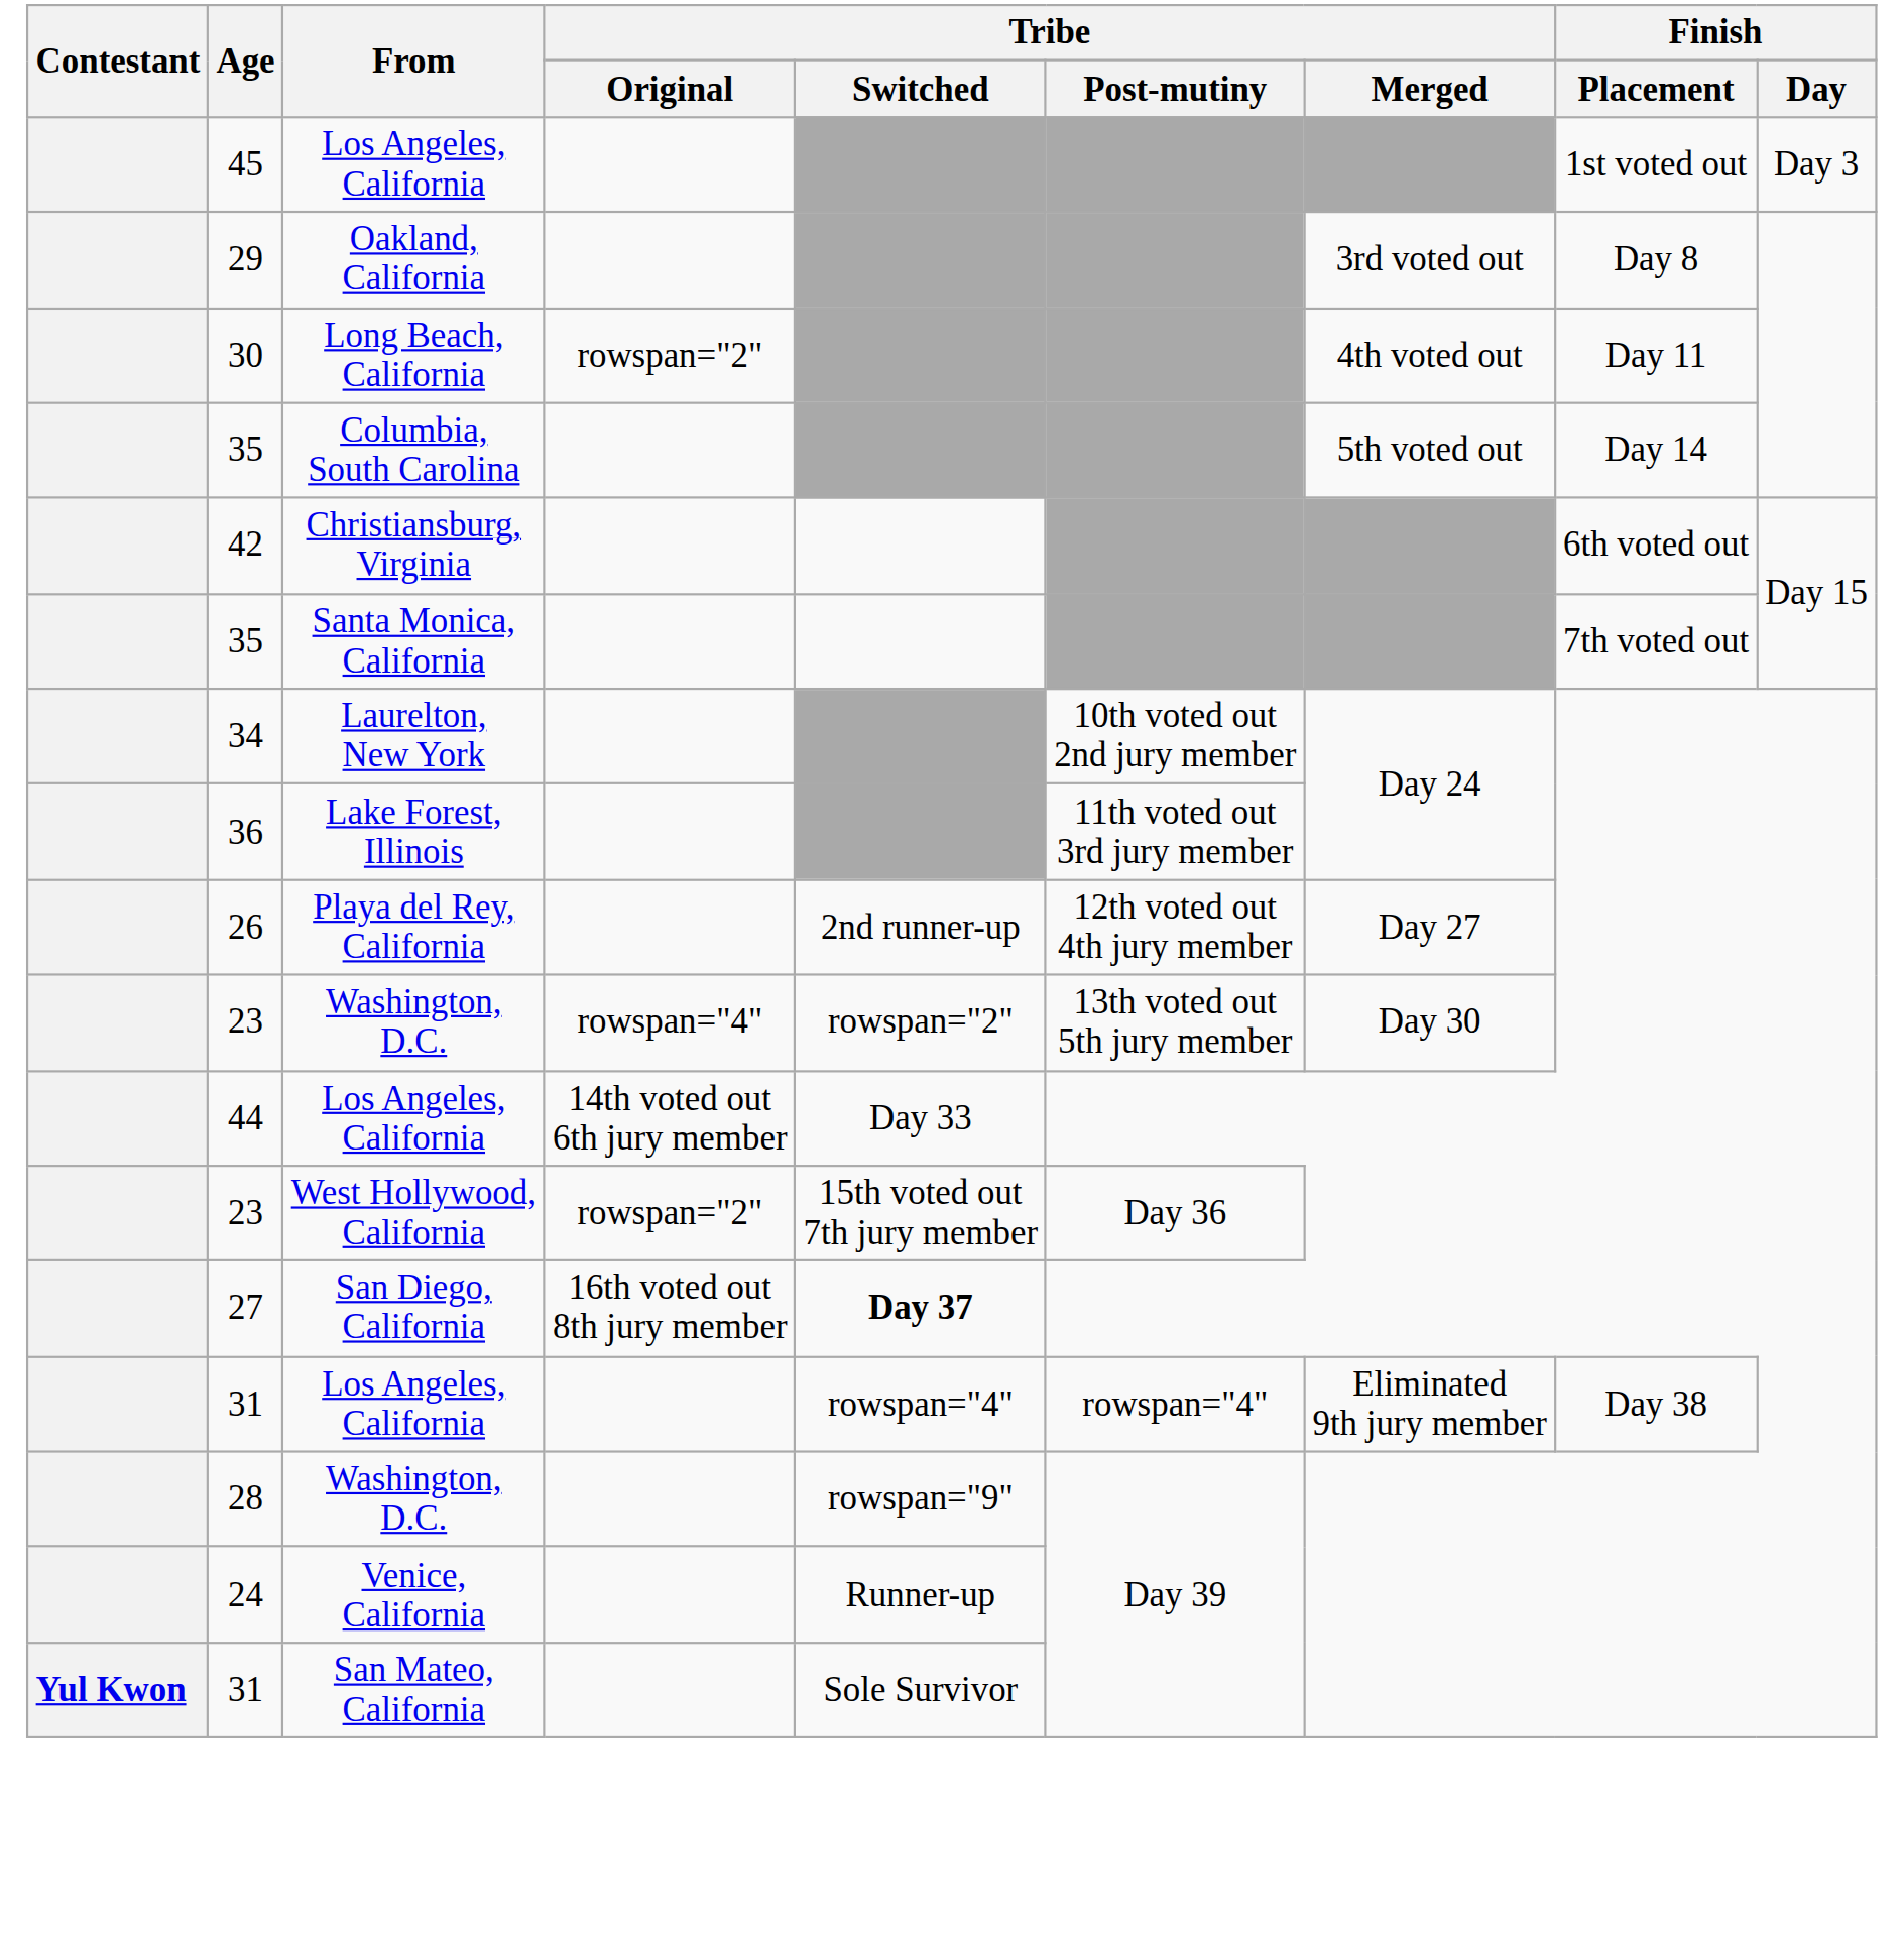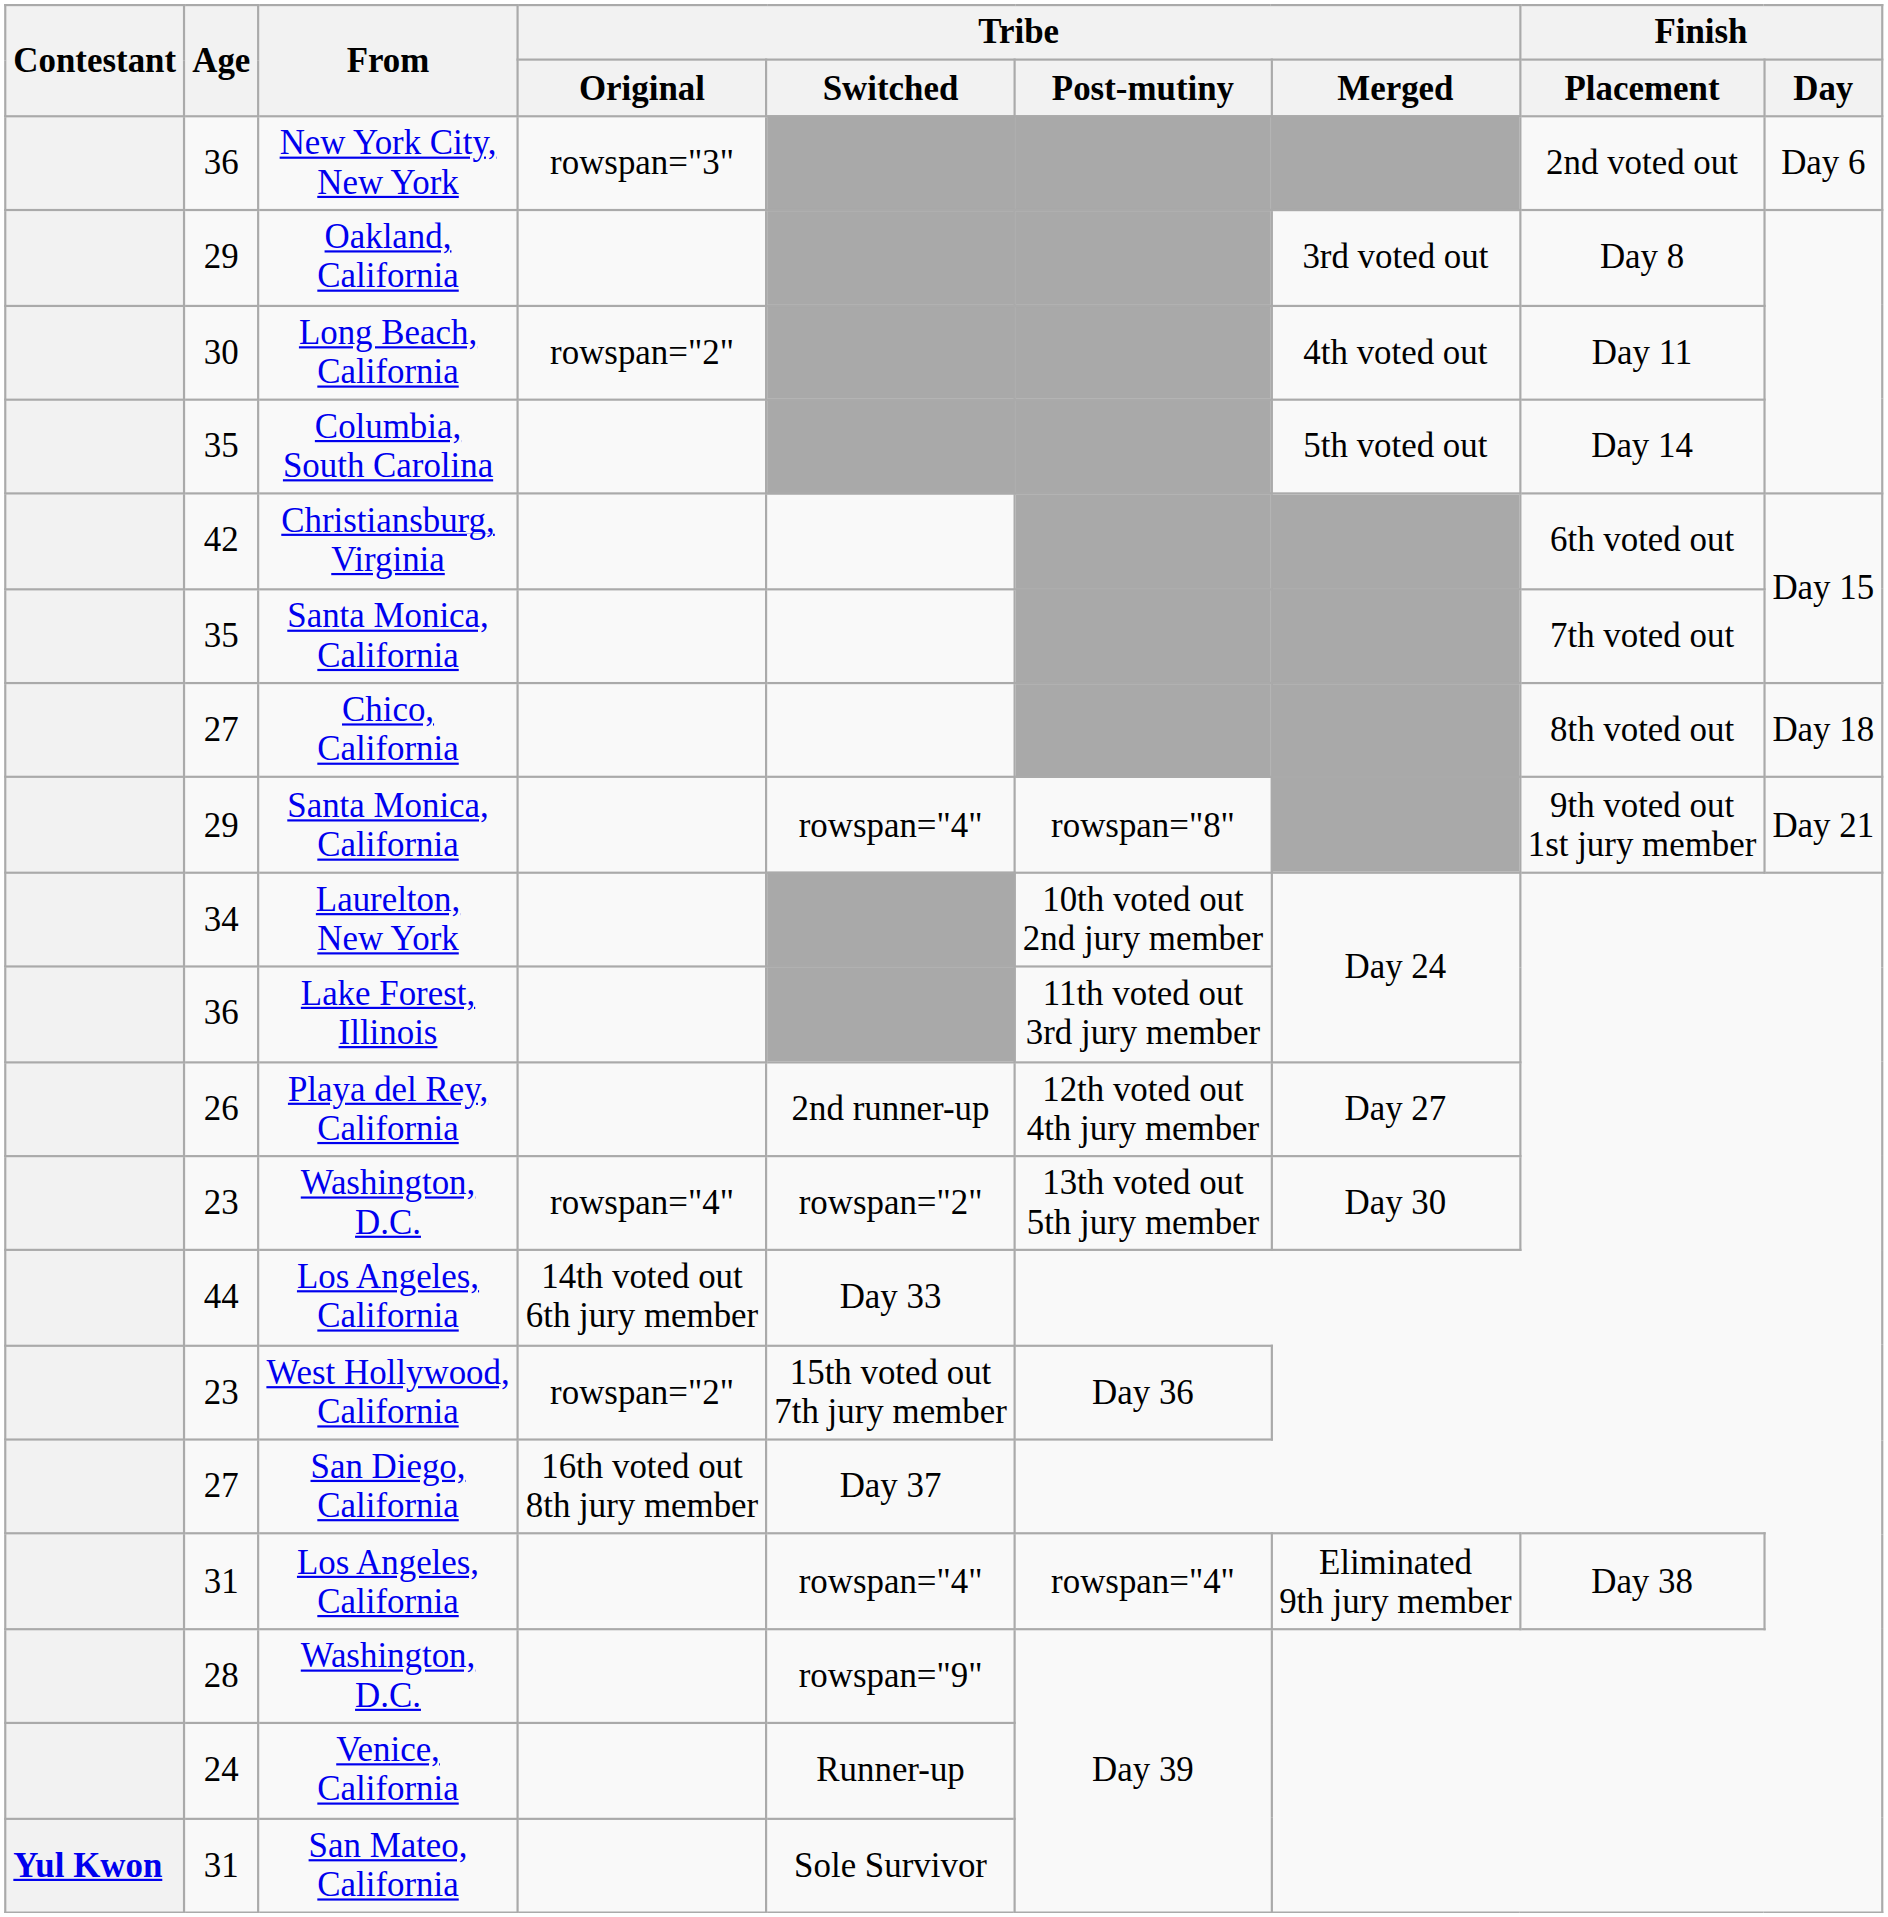 <table class="wikitable sortable nowrap" style="margin:auto; text-align:center">
 <tr>
 <th rowspan="2" scope="col">Contestant</th>
 <th rowspan="2" scope="col">Age</th>
 <th rowspan="2" scope="col" class=unsortable>From</th>
 <th colspan="4" scope="colgroup">Tribe</th>
 <th colspan="2" scope="colgroup">Finish</th>
 </tr>
 <tr>
 <th scope="col">Original</th>
 <th scope="col">Switched</th>
 <th scope="col" class=unsortable>Post-mutiny</th>
 <th scope="col" class=unsortable>Merged</th>
 <th scope="col" class=unsortable>Placement</th>
 <th scope="col" class=unsortable>Day</th>
 </tr>
 <tr>
 <th scope="row" style=text-align:left></th>
-<td>45</td>
-<td><a href='#'>Los Angeles,<br>California</a></td>
-<td></td>
+<td>36</td>
+<td><a href='#'>New York City,<br>New York</a></td>
+<td>rowspan="3" </td>
 <td style="background:darkgrey;"></td>
 <td style="background:darkgrey;"></td>
 <td style="background:darkgrey;"></td>
-<td>1st voted out</td>
-<td>Day 3</td>
+<td>2nd voted out</td>
+<td>Day 6</td>
 </tr>
 <tr>
 <th scope="row" style=text-align:left></th>
 <td>29</td>
 <td><a href='#'>Oakland,<br>California</a></td>
 <td></td>
 <td style="background:darkgrey;"></td>
 <td style="background:darkgrey;"></td>
 <td>3rd voted out</td>
 <td>Day 8</td>
 </tr>
 <tr>
 <th scope="row" style=text-align:left></th>
 <td>30</td>
 <td><a href='#'>Long Beach,<br>California</a></td>
 <td>rowspan="2" </td>
 <td style="background:darkgrey;"></td>
 <td style="background:darkgrey;"></td>
 <td>4th voted out</td>
 <td>Day 11</td>
 </tr>
 <tr>
 <th scope="row" style=text-align:left></th>
 <td>35</td>
 <td><a href='#'>Columbia,<br>South Carolina</a></td>
 <td></td>
 <td style="background:darkgrey;"></td>
 <td style="background:darkgrey;"></td>
 <td>5th voted out</td>
 <td>Day 14</td>
 </tr>
 <tr>
 <th scope="row" style=text-align:left></th>
 <td>42</td>
 <td><a href='#'>Christiansburg,<br>Virginia</a></td>
 <td></td>
 <td></td>
 <td style="background:darkgrey;"></td>
 <td style="background:darkgrey;"></td>
 <td>6th voted out</td>
 <td rowspan="2">Day 15</td>
 </tr>
 <tr>
 <th scope="row" style=text-align:left></th>
 <td>35</td>
 <td><a href='#'>Santa Monica,<br>California</a></td>
 <td></td>
 <td></td>
 <td style="background:darkgrey;"></td>
 <td style="background:darkgrey;"></td>
 <td>7th voted out</td>
+</tr>
+<tr>
+<th scope="row" style=text-align:left></th>
+<td>27</td>
+<td><a href='#'>Chico,<br>California</a></td>
+<td></td>
+<td></td>
+<td style="background:darkgrey;"></td>
+<td style="background:darkgrey;"></td>
+<td>8th voted out</td>
+<td>Day 18</td>
+</tr>
+<tr>
+<th scope="row" style=text-align:left></th>
+<td>29</td>
+<td><a href='#'>Santa Monica,<br>California</a></td>
+<td></td>
+<td>rowspan="4" </td>
+<td>rowspan="8" </td>
+<td style="background:darkgrey;"></td>
+<td>9th voted out<br>1st jury member</td>
+<td>Day 21</td>
 </tr>
 <tr>
 <th scope="row" style=text-align:left></th>
 <td>34</td>
 <td><a href='#'>Laurelton,<br>New York</a></td>
 <td></td>
 <td style="background:darkgrey;"></td>
 <td>10th voted out<br>2nd jury member</td>
 <td rowspan="2">Day 24</td>
 </tr>
 <tr>
 <th scope="row" style=text-align:left></th>
 <td>36</td>
 <td><a href='#'>Lake Forest,<br>Illinois</a></td>
 <td></td>
 <td style="background:darkgrey;"></td>
 <td>11th voted out<br>3rd jury member</td>
 </tr>
 <tr>
 <th scope="row" style=text-align:left></th>
 <td>26</td>
 <td><a href='#'>Playa del Rey,<br>California</a></td>
 <td></td>
 <td>2nd runner-up</td>
 <td>12th voted out<br>4th jury member</td>
 <td>Day 27</td>
 </tr>
 <tr>
 <th scope="row" style=text-align:left></th>
 <td>23</td>
 <td><a href='#'>Washington,<br>D.C.</a></td>
 <td>rowspan="4" </td>
 <td>rowspan="2" </td>
 <td>13th voted out<br>5th jury member</td>
 <td>Day 30</td>
 </tr>
 <tr>
 <th scope="row" style=text-align:left></th>
 <td>44</td>
 <td><a href='#'>Los Angeles,<br>California</a></td>
 <td>14th voted out<br>6th jury member</td>
 <td>Day 33</td>
 </tr>
 <tr>
 <th scope="row" style=text-align:left></th>
 <td>23</td>
 <td><a href='#'>West Hollywood,<br>California</a></td>
 <td>rowspan="2" </td>
 <td>15th voted out<br>7th jury member</td>
 <td>Day 36</td>
 </tr>
 <tr>
 <th scope="row" style=text-align:left></th>
 <td>27</td>
 <td><a href='#'>San Diego,<br>California</a></td>
 <td>16th voted out<br>8th jury member</td>
-<td><strong>Day 37</strong></td>
+<td>Day 37</td>
 </tr>
 <tr>
 <th scope="row" style=text-align:left></th>
 <td>31</td>
 <td><a href='#'>Los Angeles,<br>California</a></td>
 <td></td>
 <td>rowspan="4" </td>
 <td>rowspan="4" </td>
 <td>Eliminated<br>9th jury member</td>
 <td>Day 38</td>
 </tr>
 <tr>
 <th scope="row" style=text-align:left></th>
 <td>28</td>
 <td><a href='#'>Washington,<br>D.C.</a></td>
 <td></td>
 <td>rowspan="9" </td>
 <td rowspan="3">Day 39</td>
 </tr>
 <tr>
 <th scope="row" style=text-align:left></th>
 <td>24</td>
 <td><a href='#'>Venice,<br>California</a></td>
 <td></td>
 <td>Runner-up</td>
 </tr>
 <tr>
 <th scope="row" style=text-align:left><a href='#'>Yul Kwon</a></th>
 <td>31</td>
 <td><a href='#'>San Mateo,<br>California</a></td>
 <td></td>
 <td>Sole Survivor</td>
 </tr>
 </table>
